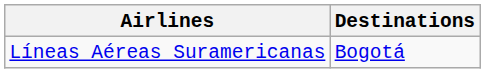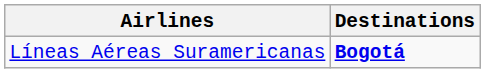 <table class="wikitable">
 <tr>
 <th>Airlines</th>
 <th>Destinations</th>
 </tr>
 <tr>
 <td><a href='#'>Líneas Aéreas Suramericanas</a></td>
-<td><a href='#'>Bogotá</a></td>
+<td><strong><a href='#'>Bogotá</a></strong></td>
 </tr>
 </table>
